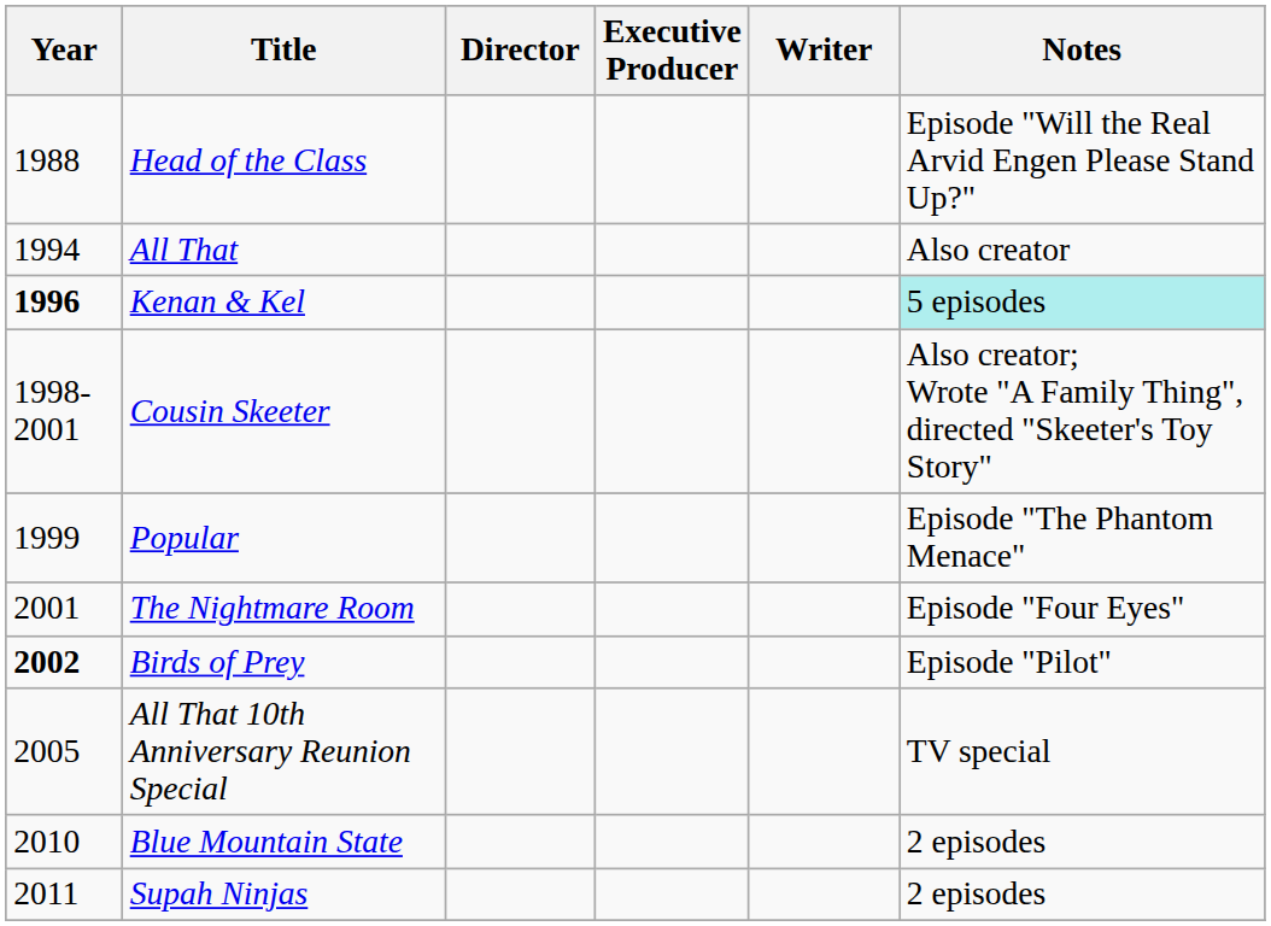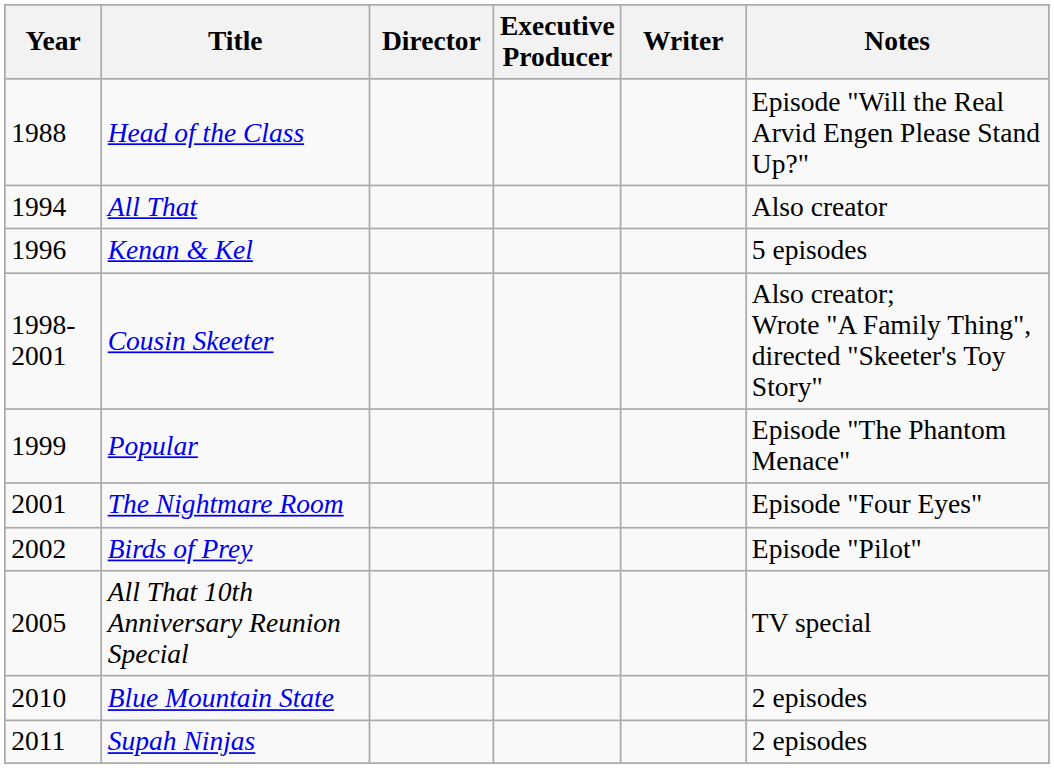 <table class="wikitable">
 <tr>
 <th>Year</th>
 <th>Title</th>
 <th width=65>Director</th>
 <th width=65>Executive <br>Producer</th>
 <th width=65>Writer</th>
 <th>Notes</th>
 </tr>
 <tr>
 <td>1988</td>
 <td><em><a href='#'>Head of the Class</a></em></td>
 <td></td>
 <td></td>
 <td></td>
 <td>Episode "Will the Real Arvid Engen Please Stand Up?"</td>
 </tr>
 <tr>
 <td>1994</td>
 <td><em><a href='#'>All That</a></em></td>
 <td></td>
 <td></td>
 <td></td>
 <td>Also creator</td>
 </tr>
 <tr>
-<td><strong>1996</strong></td>
+<td>1996</td>
 <td><em><a href='#'>Kenan & Kel</a></em></td>
 <td></td>
 <td></td>
 <td></td>
-<td style="background: paleturquoise;">5 episodes</td>
+<td>5 episodes</td>
 </tr>
 <tr>
 <td>1998-2001</td>
 <td><em><a href='#'>Cousin Skeeter</a></em></td>
 <td></td>
 <td></td>
 <td></td>
 <td>Also creator;<br>Wrote "A Family Thing", directed "Skeeter's Toy Story"</td>
 </tr>
 <tr>
 <td>1999</td>
 <td><em><a href='#'>Popular</a></em></td>
 <td></td>
 <td></td>
 <td></td>
 <td>Episode "The Phantom Menace"</td>
 </tr>
 <tr>
 <td>2001</td>
 <td><em><a href='#'>The Nightmare Room</a></em></td>
 <td></td>
 <td></td>
 <td></td>
 <td>Episode "Four Eyes"</td>
 </tr>
 <tr>
-<td><strong>2002</strong></td>
+<td>2002</td>
 <td><em><a href='#'>Birds of Prey</a></em></td>
 <td></td>
 <td></td>
 <td></td>
 <td>Episode "Pilot"</td>
 </tr>
 <tr>
 <td>2005</td>
 <td><em>All That 10th Anniversary Reunion Special</em></td>
 <td></td>
 <td></td>
 <td></td>
 <td>TV special</td>
 </tr>
 <tr>
 <td>2010</td>
 <td><em><a href='#'>Blue Mountain State</a></em></td>
 <td></td>
 <td></td>
 <td></td>
 <td>2 episodes</td>
 </tr>
 <tr>
 <td>2011</td>
 <td><em><a href='#'>Supah Ninjas</a></em></td>
 <td></td>
 <td></td>
 <td></td>
 <td>2 episodes</td>
 </tr>
 <tr>
 </tr>
 </table>
